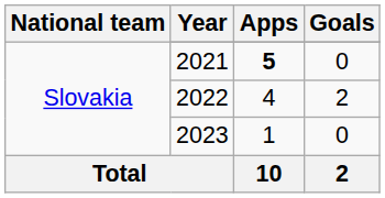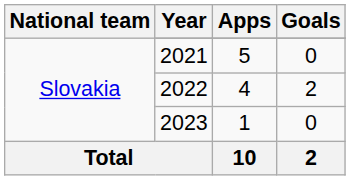 <table class="wikitable" style="text-align:center">
 <tr>
 <th>National team</th>
 <th>Year</th>
 <th>Apps</th>
 <th>Goals</th>
 </tr>
 <tr>
 <td rowspan=4><a href='#'>Slovakia</a></td>
 </tr>
 <tr>
 <td>2021</td>
-<td><strong>5</strong></td>
+<td>5</td>
 <td>0</td>
 </tr>
 <tr>
 <td>2022</td>
 <td>4</td>
 <td>2</td>
 </tr>
 <tr>
 <td>2023</td>
 <td>1</td>
 <td>0</td>
 </tr>
 <tr>
 <th colspan="2">Total</th>
 <th>10</th>
 <th>2</th>
 </tr>
 </table>
